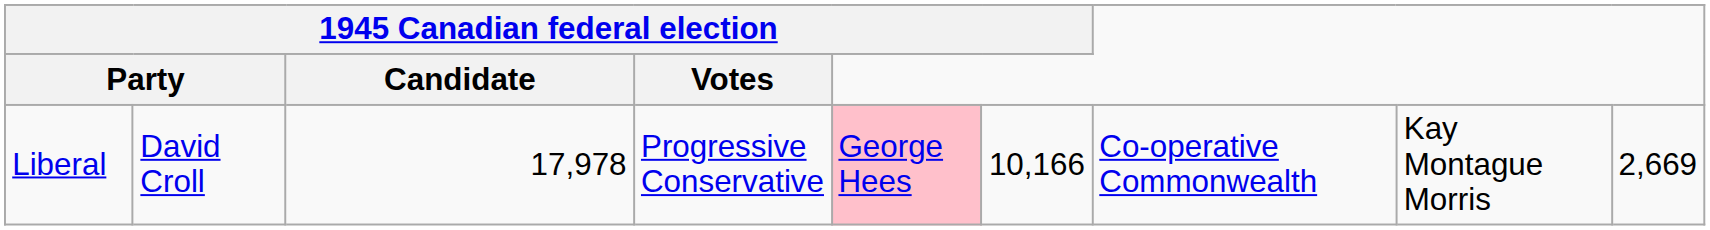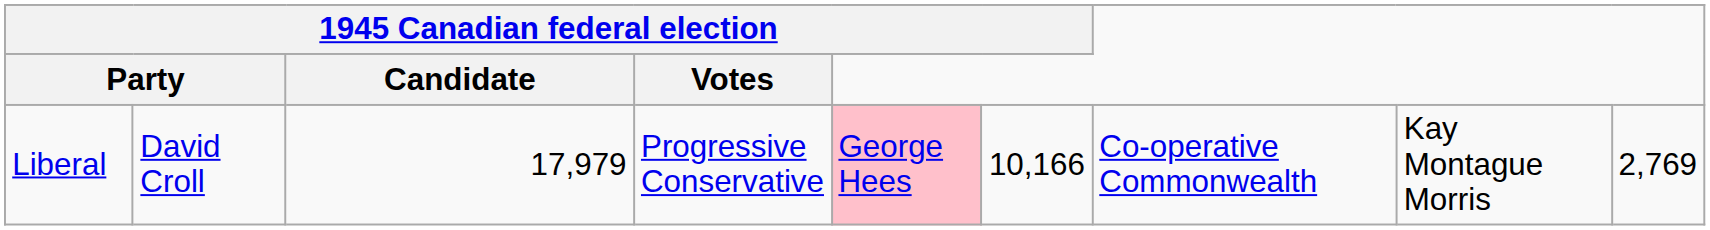 <table class="wikitable">
 <tr style="background:#e9e9e9;">
 <th colspan="6"><a href='#'>1945 Canadian federal election</a></th>
 </tr>
 <tr style="background:#e9e9e9;">
 <th colspan="2" style="width: 200px">Party</th>
 <th style="width: 170px">Candidate</th>
 <th style="width: 40px">Votes</th>
 </tr>
 <tr>
 <td><a href='#'>Liberal</a></td>
 <td><a href='#'>David Croll</a></td>
-<td align="right">17,978<br></td>
+<td align="right">17,979<br></td>
 <td><a href='#'>Progressive Conservative</a></td>
 <td style="background: pink;"><a href='#'>George Hees</a></td>
 <td align="right">10,166<br> </td>
 <td><a href='#'>Co-operative Commonwealth</a></td>
 <td>Kay Montague Morris</td>
-<td align="right">2,669</td>
+<td align="right">2,769</td>
 </tr>
 </table>
